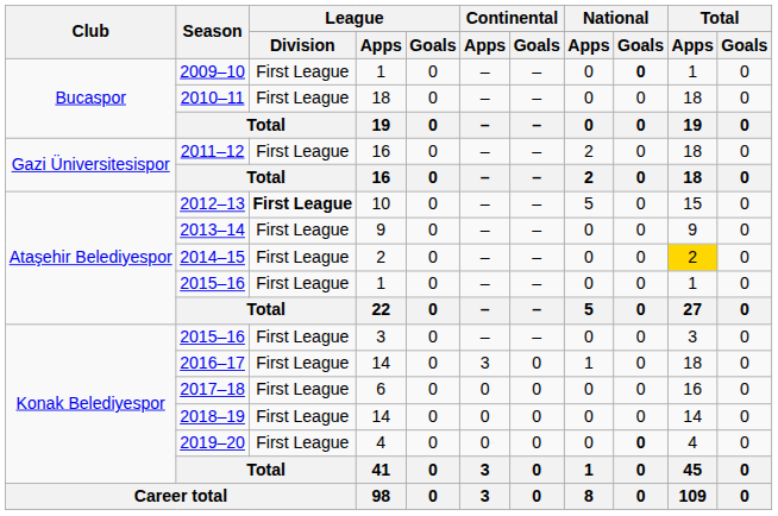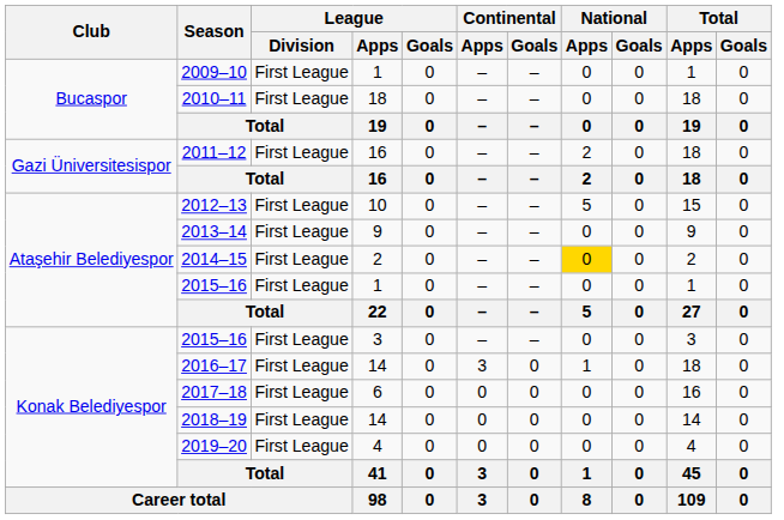 <table class="wikitable" style="text-align: center;">
 <tr>
 <th rowspan=2>Club</th>
 <th rowspan=2>Season</th>
 <th colspan=3>League</th>
 <th colspan=2>Continental</th>
 <th colspan=2>National</th>
 <th colspan=2>Total</th>
 </tr>
 <tr>
 <th>Division</th>
 <th>Apps</th>
 <th>Goals</th>
 <th>Apps</th>
 <th>Goals</th>
 <th>Apps</th>
 <th>Goals</th>
 <th>Apps</th>
 <th>Goals</th>
 </tr>
 <tr>
 <td rowspan=3><a href='#'>Bucaspor</a></td>
 <td><a href='#'>2009–10</a></td>
 <td>First League</td>
 <td>1</td>
 <td>0</td>
 <td>–</td>
 <td>–</td>
 <td>0</td>
-<td><strong>0</strong></td>
+<td>0</td>
 <td>1</td>
 <td>0</td>
 </tr>
 <tr>
 <td><a href='#'>2010–11</a></td>
 <td>First League</td>
 <td>18</td>
 <td>0</td>
 <td>–</td>
 <td>–</td>
 <td>0</td>
 <td>0</td>
 <td>18</td>
 <td>0</td>
 </tr>
 <tr>
 <th colspan=2>Total</th>
 <th>19</th>
 <th>0</th>
 <th>–</th>
 <th>–</th>
 <th>0</th>
 <th>0</th>
 <th>19</th>
 <th>0</th>
 </tr>
 <tr>
 <td rowspan=2><a href='#'>Gazi Üniversitesispor</a></td>
 <td><a href='#'>2011–12</a></td>
 <td>First League</td>
 <td>16</td>
 <td>0</td>
 <td>–</td>
 <td>–</td>
 <td>2</td>
 <td>0</td>
 <td>18</td>
 <td>0</td>
 </tr>
 <tr>
 <th colspan=2>Total</th>
 <th>16</th>
 <th>0</th>
 <th>–</th>
 <th>–</th>
 <th>2</th>
 <th>0</th>
 <th>18</th>
 <th>0</th>
 </tr>
 <tr>
 <td rowspan=5><a href='#'>Ataşehir Belediyespor</a></td>
 <td><a href='#'>2012–13</a></td>
-<td><strong>First League</strong></td>
+<td>First League</td>
 <td>10</td>
 <td>0</td>
 <td>–</td>
 <td>–</td>
 <td>5</td>
 <td>0</td>
 <td>15</td>
 <td>0</td>
 </tr>
 <tr>
 <td><a href='#'>2013–14</a></td>
 <td>First League</td>
 <td>9</td>
 <td>0</td>
 <td>–</td>
 <td>–</td>
 <td>0</td>
 <td>0</td>
 <td>9</td>
 <td>0</td>
 </tr>
 <tr>
 <td><a href='#'>2014–15</a></td>
 <td>First League</td>
 <td>2</td>
 <td>0</td>
 <td>–</td>
 <td>–</td>
+<td style="background: gold;">0</td>
 <td>0</td>
-<td>0</td>
-<td style="background: gold;">2</td>
+<td>2</td>
 <td>0</td>
 </tr>
 <tr>
 <td><a href='#'>2015–16</a></td>
 <td>First League</td>
 <td>1</td>
 <td>0</td>
 <td>–</td>
 <td>–</td>
 <td>0</td>
 <td>0</td>
 <td>1</td>
 <td>0</td>
 </tr>
 <tr>
 <th colspan=2>Total</th>
 <th>22</th>
 <th>0</th>
 <th>–</th>
 <th>–</th>
 <th>5</th>
 <th>0</th>
 <th>27</th>
 <th>0</th>
 </tr>
 <tr>
 <td rowspan=6><a href='#'>Konak Belediyespor</a></td>
 <td><a href='#'>2015–16</a></td>
 <td>First League</td>
 <td>3</td>
 <td>0</td>
 <td>–</td>
 <td>–</td>
 <td>0</td>
 <td>0</td>
 <td>3</td>
 <td>0</td>
 </tr>
 <tr>
 <td><a href='#'>2016–17</a></td>
 <td>First League</td>
 <td>14</td>
 <td>0</td>
 <td>3</td>
 <td>0</td>
 <td>1</td>
 <td>0</td>
 <td>18</td>
 <td>0</td>
 </tr>
 <tr>
 <td><a href='#'>2017–18</a></td>
 <td>First League</td>
 <td>6</td>
 <td>0</td>
 <td>0</td>
 <td>0</td>
 <td>0</td>
 <td>0</td>
 <td>16</td>
 <td>0</td>
 </tr>
 <tr>
 <td><a href='#'>2018–19</a></td>
 <td>First League</td>
 <td>14</td>
 <td>0</td>
 <td>0</td>
 <td>0</td>
 <td>0</td>
 <td>0</td>
 <td>14</td>
 <td>0</td>
 </tr>
 <tr>
 <td><a href='#'>2019–20</a></td>
 <td>First League</td>
 <td>4</td>
 <td>0</td>
 <td>0</td>
 <td>0</td>
 <td>0</td>
-<td><strong>0</strong></td>
+<td>0</td>
 <td>4</td>
 <td>0</td>
 </tr>
 <tr>
 <th colspan=2>Total</th>
 <th>41</th>
 <th>0</th>
 <th>3</th>
 <th>0</th>
 <th>1</th>
 <th>0</th>
 <th>45</th>
 <th>0</th>
 </tr>
 <tr>
 <th colspan=3>Career total</th>
 <th>98</th>
 <th>0</th>
 <th>3</th>
 <th>0</th>
 <th>8</th>
 <th>0</th>
 <th>109</th>
 <th>0</th>
 </tr>
 </table>
